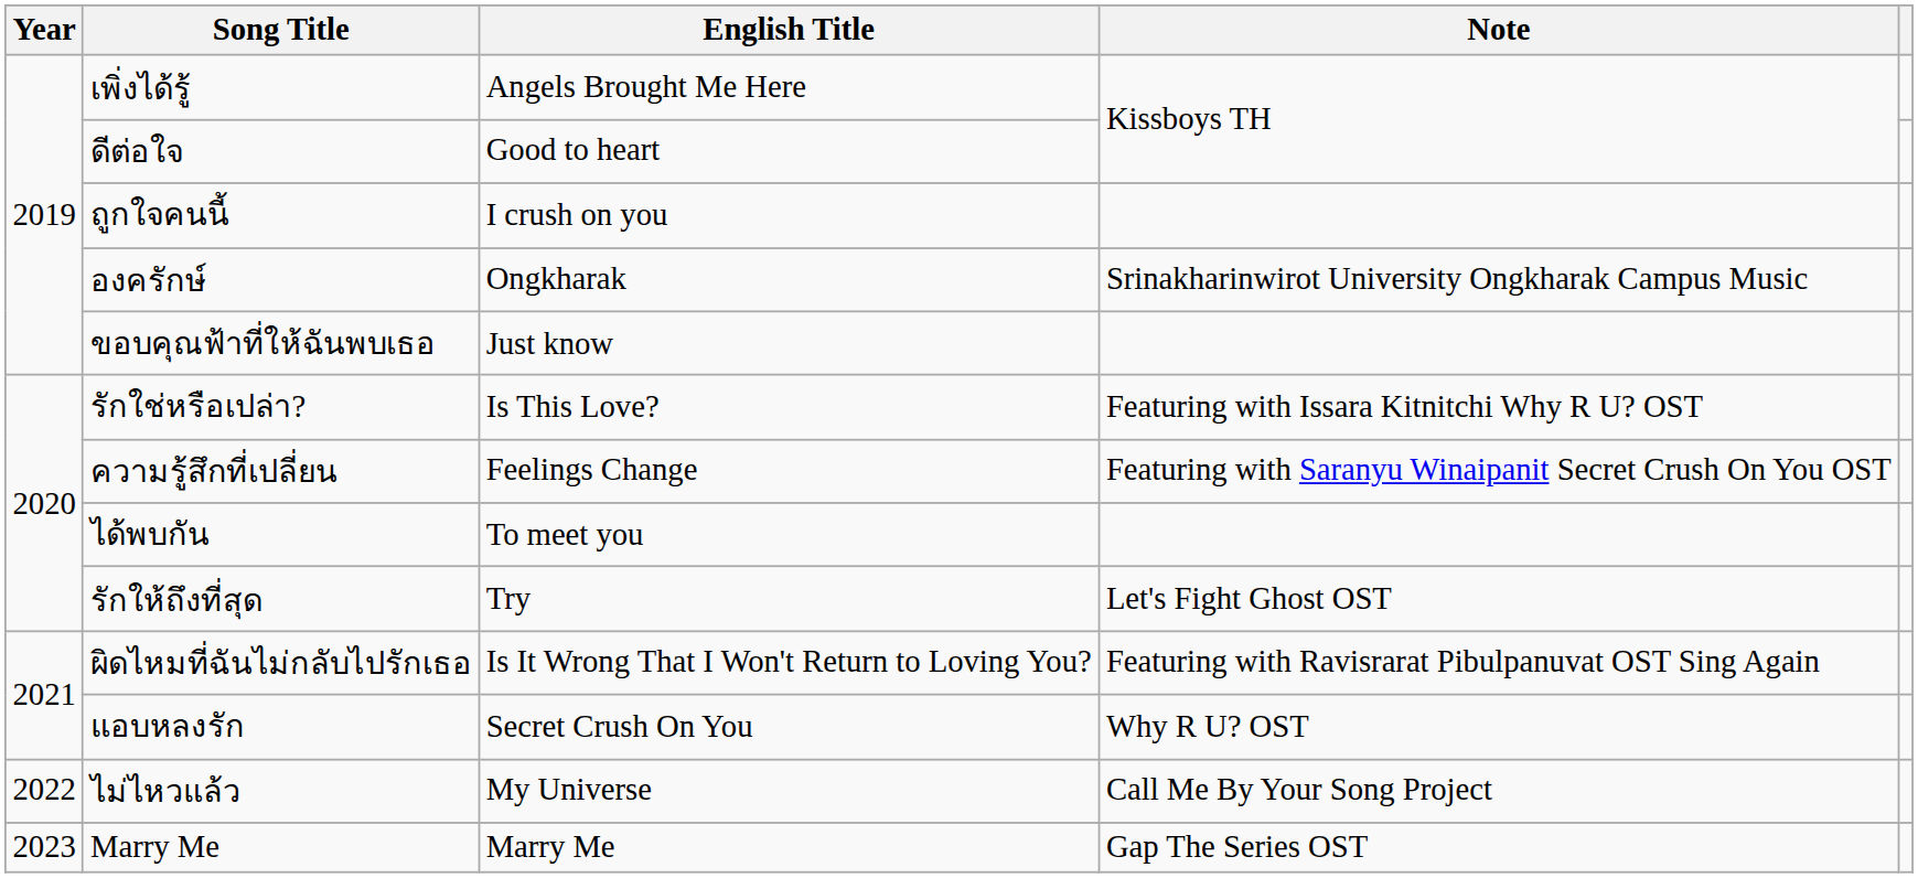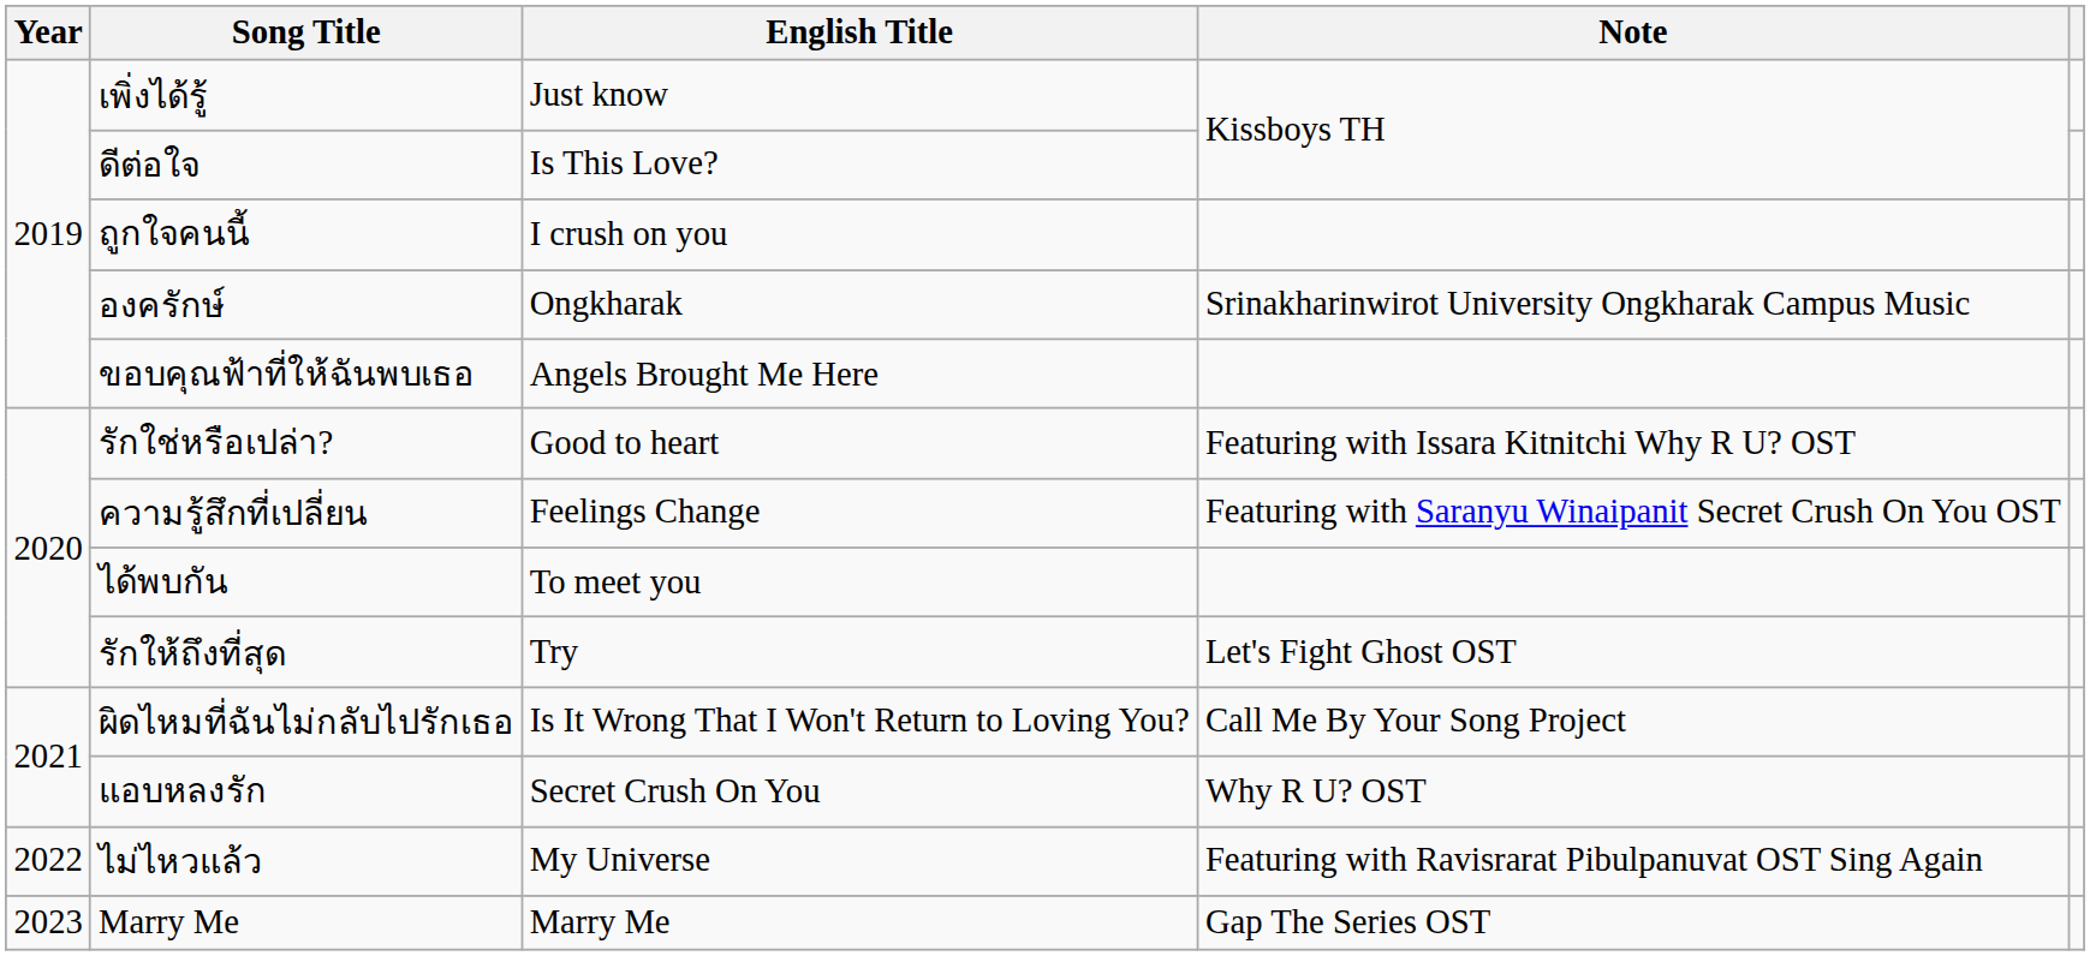 <table class="wikitable plainrowheaders sortable">
 <tr>
 <th scope="col">Year</th>
 <th scope="col">Song Title</th>
 <th scope="col">English Title</th>
 <th scope="col">Note</th>
 <th></th>
 </tr>
 <tr>
 <td rowspan="5" style="text-align: center;">2019</td>
 <td>เพิ่งได้รู้</td>
-<td>Angels Brought Me Here</td>
+<td>Just know</td>
 <td rowspan="2">Kissboys TH</td>
 <td></td>
 </tr>
 <tr>
 <td>ดีต่อใจ</td>
-<td>Good to heart</td>
+<td>Is This Love?</td>
 <td></td>
 </tr>
 <tr>
 <td>ถูกใจคนนี้</td>
 <td>I crush on you</td>
 <td></td>
 <td></td>
 </tr>
 <tr>
 <td>องครักษ์</td>
 <td>Ongkharak</td>
 <td>Srinakharinwirot University Ongkharak Campus Music</td>
 <td></td>
 </tr>
 <tr>
 <td>ขอบคุณฟ้าที่ให้ฉันพบเธอ</td>
-<td>Just know</td>
+<td>Angels Brought Me Here</td>
 <td></td>
 <td></td>
 </tr>
 <tr>
 <td rowspan="4" style="text-align: center;">2020</td>
 <td>รักใช่หรือเปล่า?</td>
-<td>Is This Love?</td>
+<td>Good to heart</td>
 <td>Featuring with Issara Kitnitchi Why R U? OST</td>
 <td></td>
 </tr>
 <tr>
 <td>ความรู้สึกที่เปลี่ยน</td>
 <td>Feelings Change</td>
 <td>Featuring with <a href='#'>Saranyu Winaipanit</a> Secret Crush On You OST</td>
 <td></td>
 </tr>
 <tr>
 <td>ได้พบกัน</td>
 <td>To meet you</td>
 <td></td>
 <td></td>
 </tr>
 <tr>
 <td>รักให้ถึงที่สุด</td>
 <td>Try</td>
 <td>Let's Fight Ghost OST</td>
 <td></td>
 </tr>
 <tr>
 <td rowspan="2" style="text-align: center;">2021</td>
 <td>ผิดไหมที่ฉันไม่กลับไปรักเธอ</td>
 <td>Is It Wrong That I Won't Return to Loving You?</td>
-<td>Featuring with Ravisrarat Pibulpanuvat OST Sing Again</td>
+<td>Call Me By Your Song Project</td>
 <td></td>
 </tr>
 <tr>
 <td>แอบหลงรัก</td>
 <td>Secret Crush On You</td>
 <td>Why R U? OST</td>
 <td></td>
 </tr>
 <tr>
 <td style="text-align: center;">2022</td>
 <td>ไม่ไหวแล้ว</td>
 <td>My Universe</td>
-<td>Call Me By Your Song Project</td>
+<td>Featuring with Ravisrarat Pibulpanuvat OST Sing Again</td>
 </tr>
 <tr>
 <td style="text-align: center;">2023</td>
 <td>Marry Me</td>
 <td>Marry Me</td>
 <td>Gap The Series OST</td>
 <td></td>
 </tr>
 </table>
